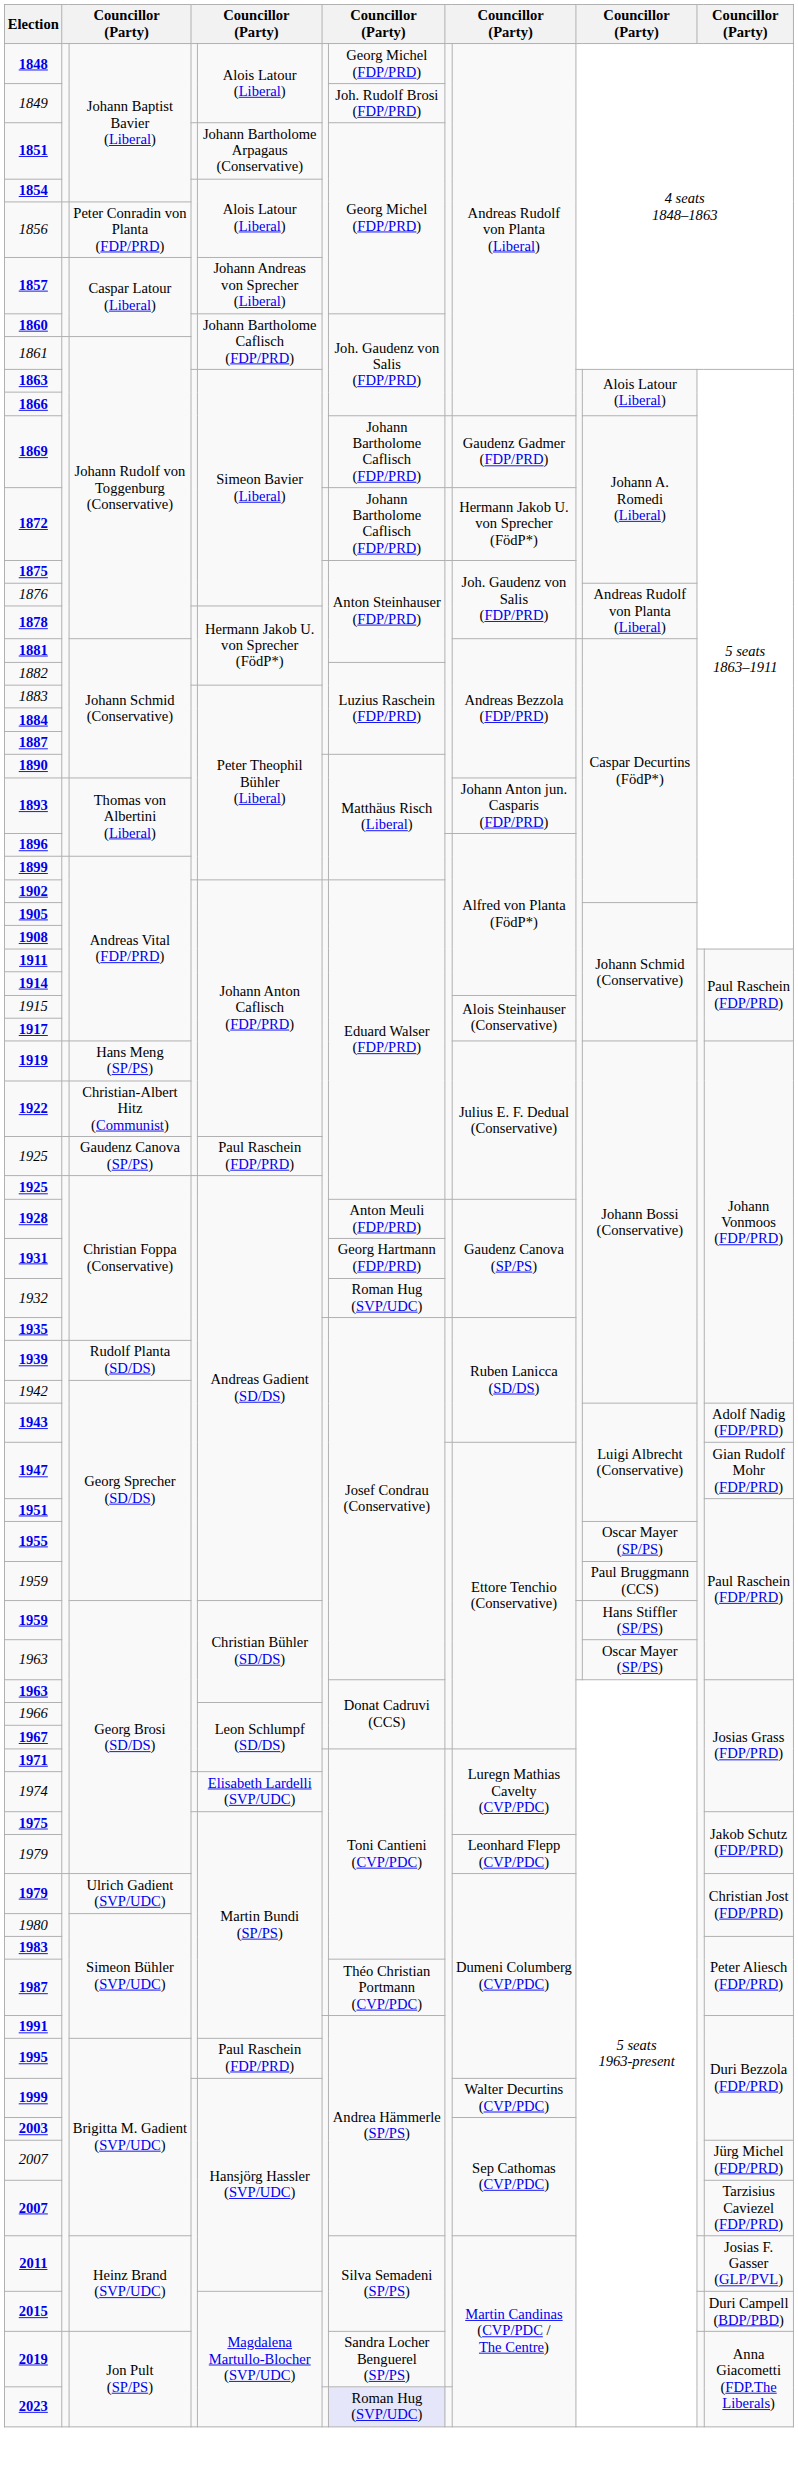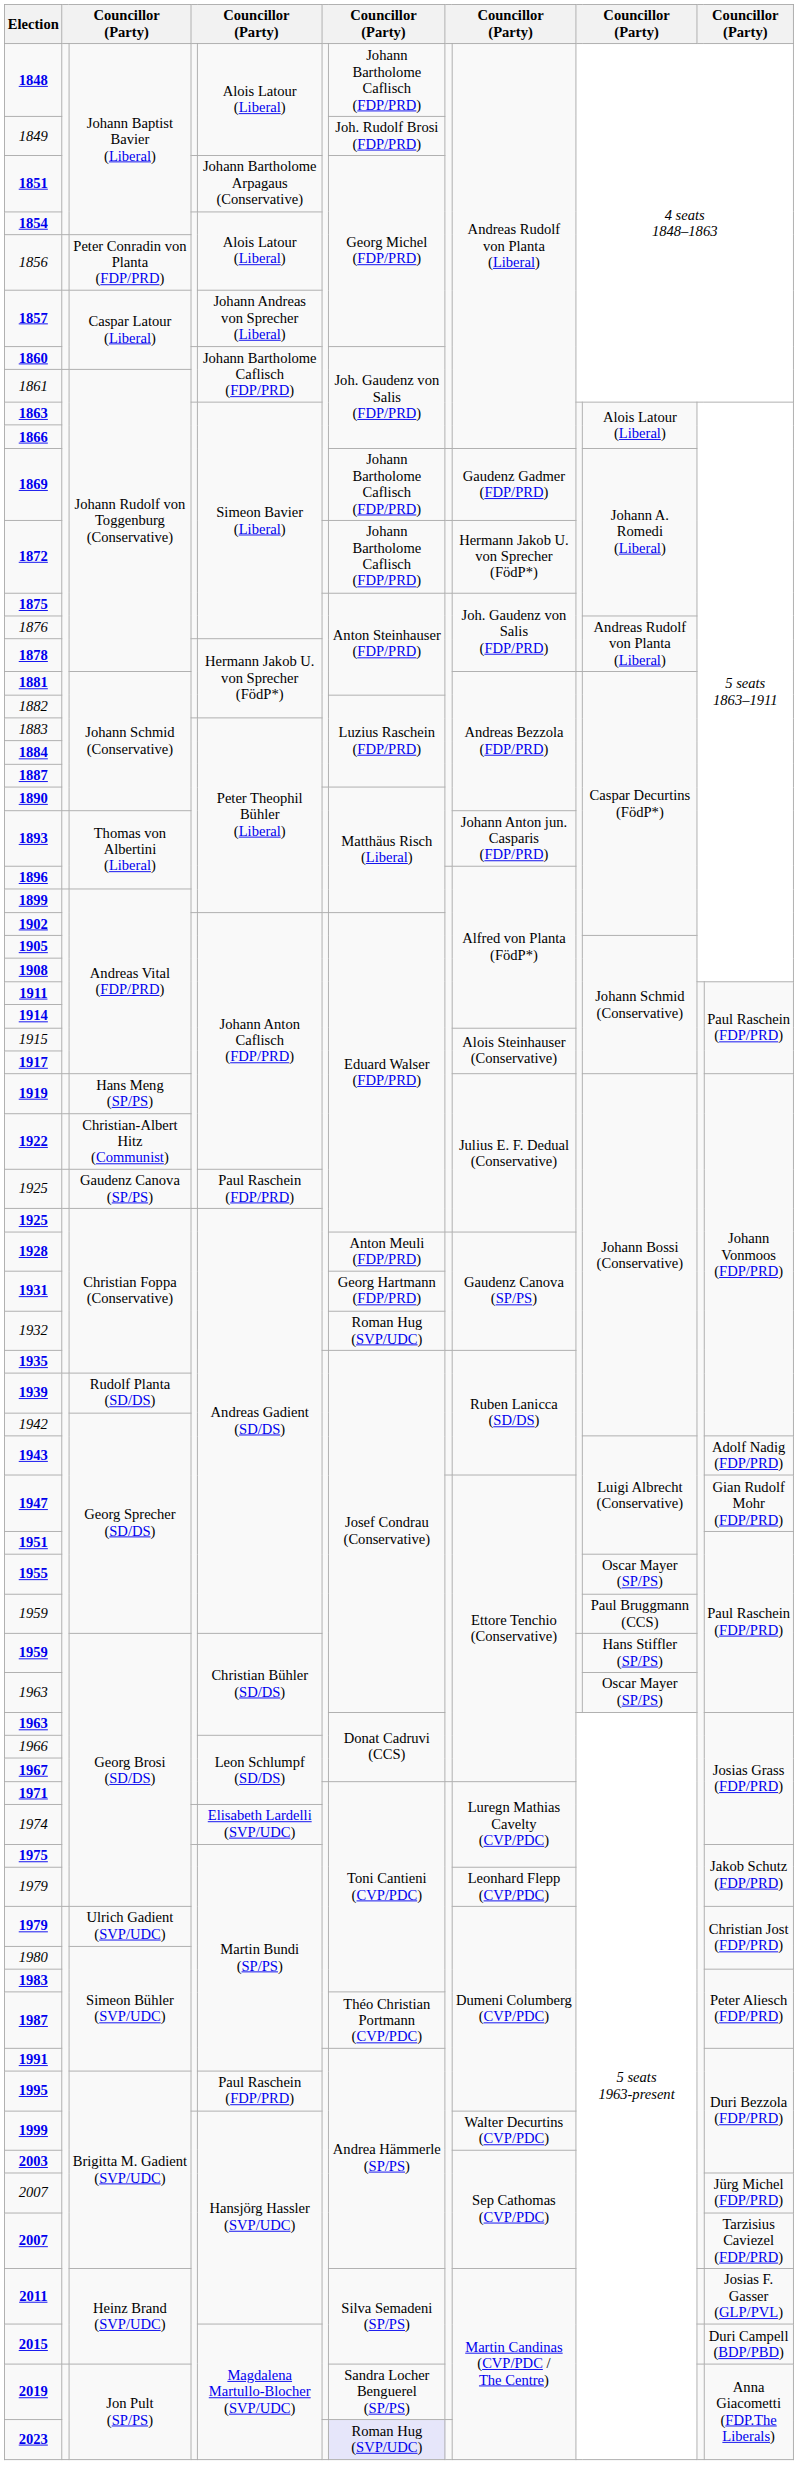 <table class="wikitable" style="text-align:center">
 <tr>
 <th>Election</th>
 <th colspan=2>Councillor<br>(Party)</th>
 <th colspan=2>Councillor<br>(Party)</th>
 <th colspan=2>Councillor<br>(Party)</th>
 <th colspan=2>Councillor<br>(Party)</th>
 <th colspan=2>Councillor<br>(Party)</th>
 <th colspan=2>Councillor<br>(Party)</th>
 </tr>
 <tr>
 <td><strong><a href='#'>1848</a></strong></td>
 <td rowspan=4; style="background-color: "></td>
 <td rowspan=4>Johann Baptist Bavier<br>(<a href='#'>Liberal</a>)</td>
 <td rowspan=2; style="background-color: "></td>
 <td rowspan=2>Alois Latour<br>(<a href='#'>Liberal</a>)</td>
 <td rowspan=11; style="background-color: "></td>
-<td rowspan=1>Georg Michel<br>(<a href='#'>FDP/PRD</a>)</td>
+<td rowspan=1>Johann Bartholome Caflisch<br>(<a href='#'>FDP/PRD</a>)</td>
 <td rowspan=10; style="background-color: "></td>
 <td rowspan=10>Andreas Rudolf von Planta<br>(<a href='#'>Liberal</a>)</td>
 <td colspan="4" rowspan="8" style="background-color:#FFFFFF"><em>4 seats<br>1848–1863</em></td>
 </tr>
 <tr>
 <td><em>1849</em></td>
 <td rowspan=1>Joh. Rudolf Brosi<br>(<a href='#'>FDP/PRD</a>)</td>
 </tr>
 <tr>
 <td><strong><a href='#'>1851</a></strong></td>
 <td rowspan=1; style="background-color: "></td>
 <td rowspan=1>Johann Bartholome Arpagaus<br>(Conservative)</td>
 <td rowspan=4>Georg Michel<br>(<a href='#'>FDP/PRD</a>)</td>
 </tr>
 <tr>
 <td><strong><a href='#'>1854</a></strong></td>
 <td rowspan=3; style="background-color: "></td>
 <td rowspan=2>Alois Latour<br>(<a href='#'>Liberal</a>)</td>
 </tr>
 <tr>
 <td><em>1856</em></td>
 <td rowspan=1; style="background-color: "></td>
 <td rowspan=1>Peter Conradin von Planta<br>(<a href='#'>FDP/PRD</a>)</td>
 </tr>
 <tr>
 <td><strong><a href='#'>1857</a></strong></td>
 <td rowspan=2; style="background-color: "></td>
 <td rowspan=2>Caspar Latour<br>(<a href='#'>Liberal</a>)</td>
 <td rowspan=1>Johann Andreas von Sprecher<br>(<a href='#'>Liberal</a>)</td>
 </tr>
 <tr>
 <td><strong><a href='#'>1860</a></strong></td>
 <td rowspan=2; style="background-color: "></td>
 <td rowspan=2>Johann Bartholome Caflisch<br>(<a href='#'>FDP/PRD</a>)</td>
 <td rowspan=4>Joh. Gaudenz von Salis<br>(<a href='#'>FDP/PRD</a>)</td>
 </tr>
 <tr>
 <td><em>1861</em></td>
 <td rowspan=14; style="background-color: "></td>
 <td rowspan=8>Johann Rudolf von Toggenburg<br>(Conservative)</td>
 </tr>
 <tr>
 <td><strong><a href='#'>1863</a></strong></td>
 <td rowspan=6; style="background-color: "></td>
 <td rowspan=6>Simeon Bavier<br>(<a href='#'>Liberal</a>)</td>
 <td rowspan=7; style="background-color: "></td>
 <td rowspan=2>Alois Latour<br>(<a href='#'>Liberal</a>)</td>
 <td colspan="2" rowspan="19" style="background-color:#FFFFFF"><em>5 seats<br>1863–1911</em></td>
 </tr>
 <tr>
 <td><strong><a href='#'>1866</a></strong></td>
 </tr>
 <tr>
 <td><strong><a href='#'>1869</a></strong></td>
 <td rowspan=1>Johann Bartholome Caflisch<br>(<a href='#'>FDP/PRD</a>)</td>
 <td rowspan=1; style="background-color: "></td>
 <td rowspan=1>Gaudenz Gadmer<br>(<a href='#'>FDP/PRD</a>)</td>
 <td rowspan=3>Johann A. Romedi<br>(<a href='#'>Liberal</a>)</td>
 </tr>
 <tr>
 <td><strong><a href='#'>1872</a></strong></td>
 <td rowspan=1; style="background-color: "></td>
 <td rowspan=1>Johann Bartholome Caflisch<br>(<a href='#'>FDP/PRD</a>)</td>
 <td rowspan=1; style="background-color: "></td>
 <td rowspan=1>Hermann Jakob U. von Sprecher<br>(FödP*)</td>
 </tr>
 <tr>
 <td><strong><a href='#'>1875</a></strong></td>
 <td rowspan=8; style="background-color: "></td>
 <td rowspan=4>Anton Steinhauser<br>(<a href='#'>FDP/PRD</a>)</td>
 <td rowspan=10; style="background-color: "></td>
 <td rowspan=3>Joh. Gaudenz von Salis<br>(<a href='#'>FDP/PRD</a>)</td>
 </tr>
 <tr>
 <td><em>1876</em></td>
 <td rowspan=2>Andreas Rudolf von Planta<br>(<a href='#'>Liberal</a>)</td>
 </tr>
 <tr>
 <td><strong><a href='#'>1878</a></strong></td>
 <td rowspan=3; style="background-color: "></td>
 <td rowspan=3>Hermann Jakob U. von Sprecher<br>(FödP*)</td>
 </tr>
 <tr>
 <td><strong><a href='#'>1881</a></strong></td>
 <td rowspan=6>Johann Schmid<br>(Conservative)</td>
 <td rowspan=6>Andreas Bezzola<br>(<a href='#'>FDP/PRD</a>)</td>
 <td rowspan=31; style="background-color: "></td>
 <td rowspan=10>Caspar Decurtins<br>(FödP*)</td>
 </tr>
 <tr>
 <td><em>1882</em></td>
 <td rowspan=4>Luzius Raschein<br>(<a href='#'>FDP/PRD</a>)</td>
 </tr>
 <tr>
 <td><em>1883</em></td>
 <td rowspan=7; style="background-color: "></td>
 <td rowspan=7>Peter Theophil Bühler<br>(<a href='#'>Liberal</a>)</td>
 </tr>
 <tr>
 <td><strong><a href='#'>1884</a></strong></td>
 </tr>
 <tr>
 <td><strong><a href='#'>1887</a></strong></td>
 </tr>
 <tr>
 <td><strong><a href='#'>1890</a></strong></td>
 <td rowspan=4; style="background-color: "></td>
 <td rowspan=4>Matthäus Risch<br>(<a href='#'>Liberal</a>)</td>
 </tr>
 <tr>
 <td><strong><a href='#'>1893</a></strong></td>
 <td rowspan=2; style="background-color: "></td>
 <td rowspan=2>Thomas von Albertini<br>(<a href='#'>Liberal</a>)</td>
 <td rowspan=1>Johann Anton jun. Casparis<br>(<a href='#'>FDP/PRD</a>)</td>
 </tr>
 <tr>
 <td><strong><a href='#'>1896</a></strong></td>
 <td rowspan=13; style="background-color: "></td>
 <td rowspan=7>Alfred von Planta<br>(FödP*)</td>
 </tr>
 <tr>
 <td><strong><a href='#'>1899</a></strong></td>
 <td rowspan=8; style="background-color: "></td>
 <td rowspan=8>Andreas Vital<br>(<a href='#'>FDP/PRD</a>)</td>
 </tr>
 <tr>
 <td><strong><a href='#'>1902</a></strong></td>
 <td rowspan=10; style="background-color: "></td>
 <td rowspan=9>Johann Anton Caflisch<br>(<a href='#'>FDP/PRD</a>)</td>
 <td rowspan=14; style="background-color: "></td>
 <td rowspan=11>Eduard Walser<br>(<a href='#'>FDP/PRD</a>)</td>
 </tr>
 <tr>
 <td><strong><a href='#'>1905</a></strong></td>
 <td rowspan=6>Johann Schmid<br>(Conservative)</td>
 </tr>
 <tr>
 <td><strong><a href='#'>1908</a></strong></td>
 </tr>
 <tr>
 <td><strong><a href='#'>1911</a></strong></td>
 <td rowspan=38; style="background-color: "></td>
 <td rowspan=4>Paul Raschein<br>(<a href='#'>FDP/PRD</a>)</td>
 </tr>
 <tr>
 <td><strong><a href='#'>1914</a></strong></td>
 </tr>
 <tr>
 <td><em>1915</em></td>
 <td rowspan=2>Alois Steinhauser<br>(Conservative)</td>
 </tr>
 <tr>
 <td><strong><a href='#'>1917</a></strong></td>
 </tr>
 <tr>
 <td><strong><a href='#'>1919</a></strong></td>
 <td rowspan=1; style="background-color: "></td>
 <td rowspan=1>Hans Meng<br>(<a href='#'>SP/PS</a>)</td>
 <td rowspan=4>Julius E. F. Dedual<br>(Conservative)</td>
 <td rowspan=10>Johann Bossi<br>(Conservative)</td>
 <td rowspan=10>Johann Vonmoos<br>(<a href='#'>FDP/PRD</a>)</td>
 </tr>
 <tr>
 <td><strong><a href='#'>1922</a></strong></td>
 <td rowspan=1; style="background-color: "></td>
 <td rowspan=1>Christian-Albert Hitz<br>(<a href='#'>Communist</a>)</td>
 </tr>
 <tr>
 <td><em>1925</em></td>
 <td rowspan=1; style="background-color: "></td>
 <td rowspan=1>Gaudenz Canova<br>(<a href='#'>SP/PS</a>)</td>
 <td rowspan=1>Paul Raschein<br>(<a href='#'>FDP/PRD</a>)</td>
 </tr>
 <tr>
 <td><strong><a href='#'>1925</a></strong></td>
 <td rowspan=5; style="background-color: "></td>
 <td rowspan=5>Christian Foppa<br>(Conservative)</td>
 <td rowspan=18; style="background-color: "></td>
 <td rowspan=12>Andreas Gadient<br>(<a href='#'>SD/DS</a>)</td>
 </tr>
 <tr>
 <td><strong><a href='#'>1928</a></strong></td>
 <td rowspan=1>Anton Meuli<br>(<a href='#'>FDP/PRD</a>)</td>
 <td rowspan=3; style="background-color: "></td>
 <td rowspan=3>Gaudenz Canova<br>(<a href='#'>SP/PS</a>)</td>
 </tr>
 <tr>
 <td><strong><a href='#'>1931</a></strong></td>
 <td rowspan=1>Georg Hartmann<br>(<a href='#'>FDP/PRD</a>)</td>
 </tr>
 <tr>
 <td><em>1932</em></td>
 <td rowspan=1>Roman Hug<br>(<a href='#'>SVP/UDC</a>)</td>
 </tr>
 <tr>
 <td><strong><a href='#'>1935</a></strong></td>
 <td rowspan=13; style="background-color: "></td>
 <td rowspan=10>Josef Condrau<br>(Conservative)</td>
 <td rowspan=4; style="background-color: "></td>
 <td rowspan=4>Ruben Lanicca<br>(<a href='#'>SD/DS</a>)</td>
 </tr>
 <tr>
 <td><strong><a href='#'>1939</a></strong></td>
 <td rowspan=16; style="background-color: "></td>
 <td rowspan=1>Rudolf Planta<br>(<a href='#'>SD/DS</a>)</td>
 </tr>
 <tr>
 <td><em>1942</em></td>
 <td rowspan=6>Georg Sprecher<br>(<a href='#'>SD/DS</a>)</td>
 </tr>
 <tr>
 <td><strong><a href='#'>1943</a></strong></td>
 <td rowspan=3>Luigi Albrecht<br>(Conservative)</td>
 <td rowspan=1>Adolf Nadig<br>(<a href='#'>FDP/PRD</a>)</td>
 </tr>
 <tr>
 <td><strong><a href='#'>1947</a></strong></td>
 <td rowspan=9; style="background-color: "></td>
 <td rowspan=9>Ettore Tenchio<br>(Conservative)</td>
 <td rowspan=1>Gian Rudolf Mohr<br>(<a href='#'>FDP/PRD</a>)</td>
 </tr>
 <tr>
 <td><strong><a href='#'>1951</a></strong></td>
 <td rowspan=5>Paul Raschein<br>(<a href='#'>FDP/PRD</a>)</td>
 </tr>
 <tr>
 <td><strong><a href='#'>1955</a></strong></td>
 <td rowspan=1>Oscar Mayer<br>(<a href='#'>SP/PS</a>)</td>
 </tr>
 <tr>
 <td><em>1959</em></td>
 <td rowspan=1>Paul Bruggmann<br>(CCS)</td>
 </tr>
 <tr>
 <td><strong><a href='#'>1959</a></strong></td>
 <td rowspan=9>Georg Brosi<br>(<a href='#'>SD/DS</a>)</td>
 <td rowspan=3>Christian Bühler<br>(<a href='#'>SD/DS</a>)</td>
 <td rowspan=2; style="background-color: "></td>
 <td rowspan=1>Hans Stiffler<br>(<a href='#'>SP/PS</a>)</td>
 </tr>
 <tr>
 <td><em>1963</em></td>
 <td rowspan=1>Oscar Mayer<br>(<a href='#'>SP/PS</a>)</td>
 </tr>
 <tr>
 <td><strong><a href='#'>1963</a></strong></td>
 <td rowspan=3>Donat Cadruvi<br>(CCS)</td>
 <td colspan="2" rowspan="21" style="background-color:#FFFFFF"><em>5 seats<br>1963-present</em></td>
 <td rowspan=5>Josias Grass<br>(<a href='#'>FDP/PRD</a>)</td>
 </tr>
 <tr>
 <td><em>1966</em></td>
 <td rowspan=3>Leon Schlumpf<br>(<a href='#'>SD/DS</a>)</td>
 </tr>
 <tr>
 <td><strong><a href='#'>1967</a></strong></td>
 </tr>
 <tr>
 <td><strong><a href='#'>1971</a></strong></td>
 <td rowspan=8; style="background-color: "></td>
 <td rowspan=7>Toni Cantieni<br>(<a href='#'>CVP/PDC</a>)</td>
 <td rowspan=17; style="background-color: "></td>
 <td rowspan=3>Luregn Mathias Cavelty<br>(<a href='#'>CVP/PDC</a>)</td>
 </tr>
 <tr>
 <td><em>1974</em></td>
 <td rowspan=1; style="background-color: "></td>
 <td rowspan=1><a href='#'>Elisabeth Lardelli</a><br>(<a href='#'>SVP/UDC</a>)</td>
 </tr>
 <tr>
 <td><strong><a href='#'>1975</a></strong></td>
 <td rowspan=8; style="background-color: "></td>
 <td rowspan=7>Martin Bundi<br>(<a href='#'>SP/PS</a>)</td>
 <td rowspan=2>Jakob Schutz<br>(<a href='#'>FDP/PRD</a>)</td>
 </tr>
 <tr>
 <td><em>1979</em></td>
 <td rowspan=1>Leonhard Flepp<br>(<a href='#'>CVP/PDC</a>)</td>
 </tr>
 <tr>
 <td><strong><a href='#'>1979</a></strong></td>
 <td rowspan=12; style="background-color: "></td>
 <td rowspan=1>Ulrich Gadient<br>(<a href='#'>SVP/UDC</a>)</td>
 <td rowspan=6>Dumeni Columberg<br>(<a href='#'>CVP/PDC</a>)</td>
 <td rowspan=2>Christian Jost<br>(<a href='#'>FDP/PRD</a>)</td>
 </tr>
 <tr>
 <td><em>1980</em></td>
 <td rowspan=4>Simeon Bühler<br>(<a href='#'>SVP/UDC</a>)</td>
 </tr>
 <tr>
 <td><strong><a href='#'>1983</a></strong></td>
 <td rowspan=2>Peter Aliesch<br>(<a href='#'>FDP/PRD</a>)</td>
 </tr>
 <tr>
 <td><strong><a href='#'>1987</a></strong></td>
 <td rowspan=1>Théo Christian Portmann<br>(<a href='#'>CVP/PDC</a>)</td>
 </tr>
 <tr>
 <td><strong><a href='#'>1991</a></strong></td>
 <td rowspan=9; style="background-color: "></td>
 <td rowspan=6>Andrea Hämmerle<br>(<a href='#'>SP/PS</a>)</td>
 <td rowspan=4>Duri Bezzola<br>(<a href='#'>FDP/PRD</a>)</td>
 </tr>
 <tr>
 <td><strong><a href='#'>1995</a></strong></td>
 <td rowspan=5>Brigitta M. Gadient<br>(<a href='#'>SVP/UDC</a>)</td>
 <td rowspan=1>Paul Raschein<br>(<a href='#'>FDP/PRD</a>)</td>
 </tr>
 <tr>
 <td><strong><a href='#'>1999</a></strong></td>
 <td rowspan=8; style="background-color: "></td>
 <td rowspan=5>Hansjörg Hassler<br>(<a href='#'>SVP/UDC</a>)</td>
 <td rowspan=1>Walter Decurtins<br>(<a href='#'>CVP/PDC</a>)</td>
 </tr>
 <tr>
 <td><strong><a href='#'>2003</a></strong></td>
 <td rowspan=3>Sep Cathomas<br>(<a href='#'>CVP/PDC</a>)</td>
 </tr>
 <tr>
 <td><em>2007</em></td>
 <td rowspan=1>Jürg Michel<br>(<a href='#'>FDP/PRD</a>)</td>
 </tr>
 <tr>
 <td><strong><a href='#'>2007</a></strong></td>
 <td rowspan=1>Tarzisius Caviezel<br>(<a href='#'>FDP/PRD</a>)</td>
 </tr>
 <tr>
 <td><strong><a href='#'>2011</a></strong></td>
 <td rowspan=2>Heinz Brand<br>(<a href='#'>SVP/UDC</a>)</td>
 <td rowspan=2>Silva Semadeni<br>(<a href='#'>SP/PS</a>)</td>
 <td rowspan=4><a href='#'>Martin Candinas</a><br>(<a href='#'>CVP/PDC</a> /<br><a href='#'>The Centre</a>)</td>
 <td rowspan=1; style="background-color: "></td>
 <td rowspan=1>Josias F. Gasser<br>(<a href='#'>GLP/PVL</a>)</td>
 </tr>
 <tr>
 <td><strong><a href='#'>2015</a></strong></td>
 <td rowspan=3><a href='#'>Magdalena Martullo-Blocher</a><br>(<a href='#'>SVP/UDC</a>)</td>
 <td rowspan=1; style="background-color: "></td>
 <td rowspan=1>Duri Campell<br>(<a href='#'>BDP/PBD</a>)</td>
 </tr>
 <tr>
 <td><strong><a href='#'>2019</a></strong></td>
 <td rowspan=2; style="background-color: "></td>
 <td rowspan=2>Jon Pult<br>(<a href='#'>SP/PS</a>)</td>
 <td rowspan=1>Sandra Locher Benguerel<br>(<a href='#'>SP/PS</a>)</td>
 <td rowspan=2; style="background-color: "></td>
 <td rowspan=2>Anna Giacometti<br>(<a href='#'>FDP.The Liberals</a>)</td>
 </tr>
 <tr>
 <td><strong><a href='#'>2023</a></strong></td>
 <td rowspan=1; style="background-color: "></td>
 <td rowspan=1 style="background: lavender;">Roman Hug<br>(<a href='#'>SVP/UDC</a>)</td>
 <td rowspan=1; style="background-color: "></td>
 </tr>
 </table>
